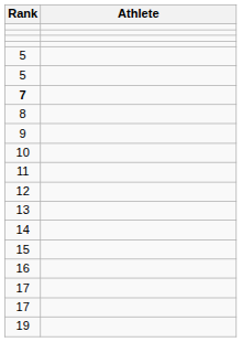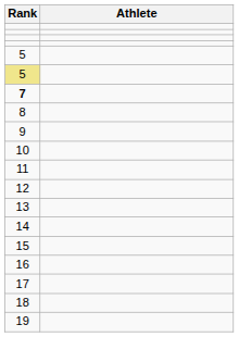 <table class="wikitable" style="text-align: center;">
 <tr>
 <th width=40>Rank</th>
 <th width=250>Athlete</th>
 </tr>
 <tr>
 <td></td>
 <td align="left"></td>
 </tr>
 <tr>
 <td></td>
 <td align="left"></td>
 </tr>
 <tr>
 <td></td>
 <td align="left"></td>
 </tr>
 <tr>
 <td></td>
 <td align="left"></td>
 </tr>
 <tr>
 <td>5</td>
 <td align="left"></td>
 </tr>
 <tr>
-<td>5</td>
+<td style="background: khaki;">5</td>
 <td align="left"></td>
 </tr>
 <tr>
 <td><strong>7</strong></td>
 <td align="left"></td>
 </tr>
 <tr>
 <td>8</td>
 <td align="left"></td>
 </tr>
 <tr>
 <td>9</td>
 <td align="left"></td>
 </tr>
 <tr>
 <td>10</td>
 <td align="left"></td>
 </tr>
 <tr>
 <td>11</td>
 <td align="left"></td>
 </tr>
 <tr>
 <td>12</td>
 <td align="left"></td>
 </tr>
 <tr>
 <td>13</td>
 <td align="left"></td>
 </tr>
 <tr>
 <td>14</td>
 <td align="left"></td>
 </tr>
 <tr>
 <td>15</td>
 <td align="left"></td>
 </tr>
 <tr>
 <td>16</td>
 <td align="left"></td>
 </tr>
 <tr>
 <td>17</td>
 <td align="left"></td>
 </tr>
 <tr>
-<td>17</td>
+<td>18</td>
 <td align="left"></td>
 </tr>
 <tr>
 <td>19</td>
 <td align="left"></td>
 </tr>
 </table>
